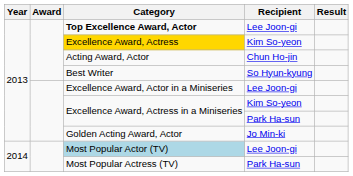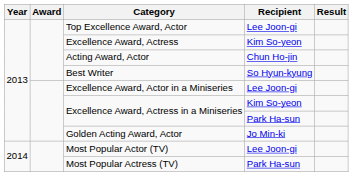 <table class="wikitable">
 <tr>
 <th>Year</th>
 <th>Award</th>
 <th>Category</th>
 <th>Recipient</th>
 <th>Result</th>
 </tr>
 <tr>
 <td rowspan=8>2013</td>
 <td rowspan=4></td>
-<td><strong>Top Excellence Award, Actor</strong></td>
+<td>Top Excellence Award, Actor</td>
 <td><a href='#'>Lee Joon-gi</a></td>
 <td></td>
 </tr>
 <tr>
-<td style="background: gold;">Excellence Award, Actress</td>
+<td>Excellence Award, Actress</td>
 <td><a href='#'>Kim So-yeon</a></td>
 <td></td>
 </tr>
 <tr>
 <td>Acting Award, Actor</td>
 <td><a href='#'>Chun Ho-jin</a></td>
 <td></td>
 </tr>
 <tr>
 <td>Best Writer</td>
 <td><a href='#'>So Hyun-kyung</a></td>
 <td></td>
 </tr>
 <tr>
 <td rowspan=4></td>
 <td>Excellence Award, Actor in a Miniseries</td>
 <td><a href='#'>Lee Joon-gi</a></td>
 <td></td>
 </tr>
 <tr>
 <td rowspan=2>Excellence Award, Actress in a Miniseries</td>
 <td><a href='#'>Kim So-yeon</a></td>
 <td></td>
 </tr>
 <tr>
 <td><a href='#'>Park Ha-sun</a></td>
 <td></td>
 </tr>
 <tr>
 <td>Golden Acting Award, Actor</td>
 <td><a href='#'>Jo Min-ki</a></td>
 <td></td>
 </tr>
 <tr>
 <td rowspan=2>2014</td>
 <td rowspan=2></td>
-<td style="background: lightblue;">Most Popular Actor (TV)</td>
+<td>Most Popular Actor (TV)</td>
 <td><a href='#'>Lee Joon-gi</a></td>
 <td></td>
 </tr>
 <tr>
 <td>Most Popular Actress (TV)</td>
 <td><a href='#'>Park Ha-sun</a></td>
 <td></td>
 </tr>
 </table>
